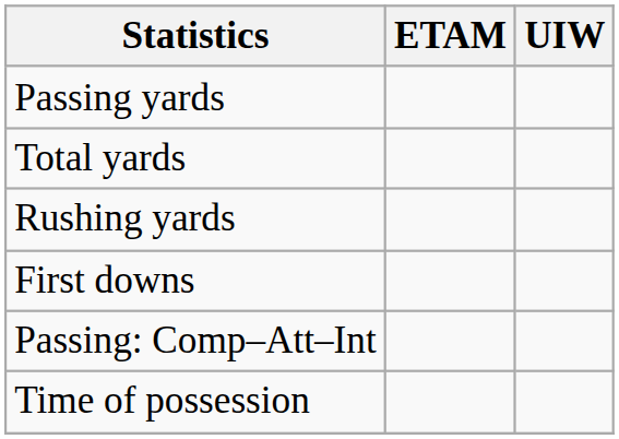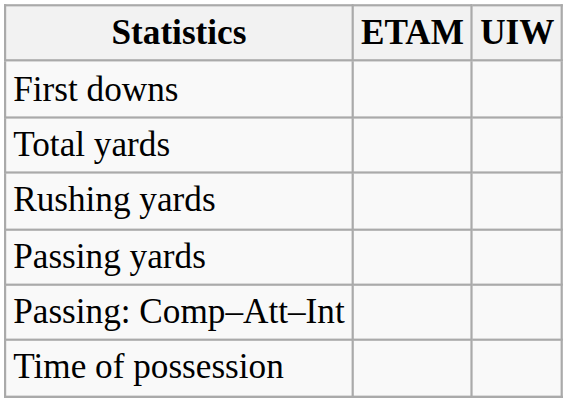 <table class="wikitable" style="float: left;">
 <tr>
 <th>Statistics</th>
 <th>ETAM</th>
 <th>UIW</th>
 </tr>
 <tr>
-<td>Passing yards</td>
+<td>First downs</td>
 <td></td>
 <td></td>
 </tr>
 <tr>
 <td>Total yards</td>
 <td></td>
 <td></td>
 </tr>
 <tr>
 <td>Rushing yards</td>
 <td></td>
 <td></td>
 </tr>
 <tr>
-<td>First downs</td>
+<td>Passing yards</td>
 <td></td>
 <td></td>
 </tr>
 <tr>
 <td>Passing: Comp–Att–Int</td>
 <td></td>
 <td></td>
 </tr>
 <tr>
 <td>Time of possession</td>
 <td></td>
 <td></td>
 </tr>
 <tr>
 </tr>
 </table>
